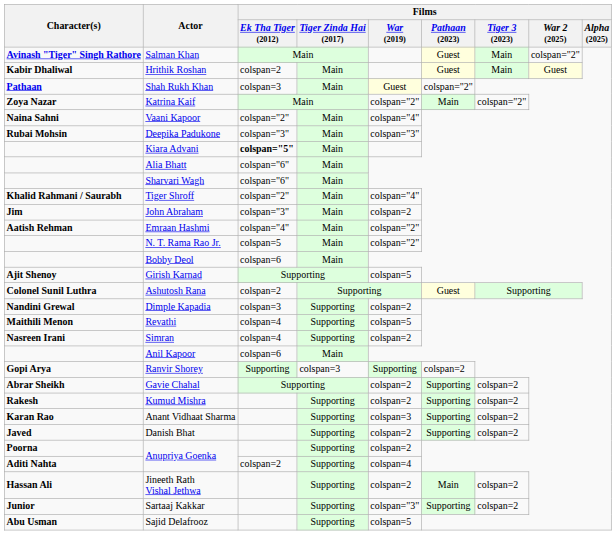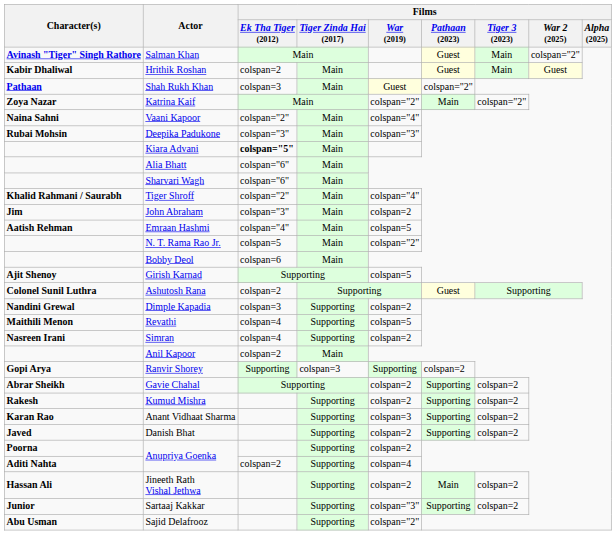 <table class="wikitable">
 <tr>
 <th rowspan="2">Character(s)</th>
 <th rowspan="2">Actor</th>
 <th colspan="7">Films</th>
 </tr>
 <tr>
 <th><em><a href='#'>Ek Tha Tiger</a></em><br><small>(2012)</small></th>
 <th><em><a href='#'>Tiger Zinda Hai</a></em><br><small>(2017)</small></th>
 <th><em><a href='#'>War</a></em><br><small>(2019)</small></th>
 <th><em><a href='#'>Pathaan</a></em><br><small>(2023)</small></th>
 <th><em><a href='#'>Tiger 3</a></em><br><small>(2023)</small></th>
 <th><em>War 2</em><br><small>(2025)</small></th>
 <th><em>Alpha</em><br><small>(2025)</small></th>
 </tr>
 <tr>
 <td><strong><a href='#'>Avinash "Tiger" Singh Rathore</a></strong></td>
 <td><a href='#'>Salman Khan</a></td>
 <td colspan=2 style="background: #DFD; color: black; vertical-align: middle; text-align: center;">Main</td>
 <td></td>
 <td style="background: #FFD; color: black; vertical-align:  middle; text-align: center;">Guest</td>
 <td style="background: #DFD; color: black; vertical-align: middle; text-align: center;">Main</td>
 <td>colspan="2" </td>
 </tr>
 <tr>
 <td><strong>Kabir Dhaliwal</strong></td>
 <td><a href='#'>Hrithik Roshan</a></td>
 <td>colspan=2 </td>
 <td style="background: #DFD; color: black; vertical-align: middle; text-align: center;">Main</td>
 <td></td>
 <td style="background: #FFD; color: black; vertical-align: middle; text-align: center;">Guest</td>
 <td style="background: #DFD; color: black; vertical-align; middle; text-align: center;">Main</td>
 <td style="background: #FFD; color: black; vertical-align: middle; text-align: center;">Guest</td>
 </tr>
 <tr>
 <td><strong><a href='#'>Pathaan</a></strong></td>
 <td><a href='#'>Shah Rukh Khan</a></td>
 <td>colspan=3 </td>
 <td style="background: #DFD; color: black; vertical-align: middle; text-align: center;">Main</td>
 <td style="background: #FFD; color: black; vertical-align: middle; text-align: center;">Guest</td>
 <td>colspan="2" </td>
 </tr>
 <tr>
 <td><strong>Zoya Nazar</strong></td>
 <td><a href='#'>Katrina Kaif</a></td>
 <td colspan="2" style="background: #DFD; color: black; vertical-align: middle; text-align: center;">Main</td>
 <td>colspan="2" </td>
 <td style="background: #DFD; color: black; vertical-align: middle; text-align: center;">Main</td>
 <td>colspan="2" </td>
 </tr>
 <tr>
 <td><strong>Naina Sahni</strong></td>
 <td><a href='#'>Vaani Kapoor</a></td>
 <td>colspan="2" </td>
 <td style="background: #DFD; color: black; vertical-align: middle; text-align: center;">Main</td>
 <td>colspan="4" </td>
 </tr>
 <tr>
 <td><strong>Rubai Mohsin</strong></td>
 <td><a href='#'>Deepika Padukone</a></td>
 <td>colspan="3" </td>
 <td style="background: #DFD; color: black; vertical-align: middle; text-align: center;">Main</td>
 <td>colspan="3" </td>
 </tr>
 <tr>
 <td></td>
 <td><a href='#'>Kiara Advani</a></td>
 <td><strong>colspan="5" </strong></td>
 <td style="background: #DFD; color: black; vertical-align: middle; text-align: center;">Main</td>
 <td></td>
 </tr>
 <tr>
 <td></td>
 <td><a href='#'>Alia Bhatt</a></td>
 <td>colspan="6" </td>
 <td style="background: #DFD; color: black; vertical-align: middle; text-align: center;">Main</td>
 </tr>
 <tr>
 <td></td>
 <td><a href='#'>Sharvari Wagh</a></td>
 <td>colspan="6" </td>
 <td style="background: #DFD; color: black; vertical-align: middle; text-align: center;">Main</td>
 </tr>
 <tr>
 <td><strong>Khalid Rahmani / Saurabh</strong></td>
 <td><a href='#'>Tiger Shroff</a></td>
 <td>colspan="2" </td>
 <td style="background: #DFD; color: black; vertical-align: middle; text-align: center;">Main</td>
 <td>colspan="4" </td>
 </tr>
 <tr>
 <td><strong>Jim</strong></td>
 <td><a href='#'>John Abraham</a></td>
 <td>colspan="3" </td>
 <td style="background: #DFD; color: black; vertical-align: middle; text-align: center;">Main</td>
 <td>colspan=2 </td>
 </tr>
 <tr>
 <td><strong>Aatish Rehman</strong></td>
 <td><a href='#'>Emraan Hashmi</a></td>
 <td>colspan="4" </td>
 <td style="background: #DFD; color: black; vertical-align: middle; text-align: center;">Main</td>
-<td>colspan="2" </td>
+<td>colspan=5 </td>
 </tr>
 <tr>
 <td></td>
 <td><a href='#'>N. T. Rama Rao Jr.</a></td>
 <td>colspan=5 </td>
 <td style="background: #DFD; color: black; vertical-align: middle; text-align: center;">Main</td>
 <td>colspan="2" </td>
 </tr>
 <tr>
 <td></td>
 <td><a href='#'>Bobby Deol</a></td>
 <td>colspan=6 </td>
 <td style="background: #DFD; color: black; vertical-align: middle; text-align: center;">Main</td>
 </tr>
 <tr>
 <td><strong>Ajit Shenoy</strong></td>
 <td><a href='#'>Girish Karnad</a></td>
 <td colspan=2 style="background: #DFD; color: black; vertical-align: middle; text-align: center;">Supporting</td>
 <td>colspan=5 </td>
 </tr>
 <tr>
 <td><strong>Colonel Sunil Luthra</strong></td>
 <td><a href='#'>Ashutosh Rana</a></td>
 <td>colspan=2 </td>
 <td colspan=2 style="background: #DFD; color: black; vertical-align: middle; text-align: center;">Supporting</td>
 <td style="background: #FFD; color: black; vertical-align: middle; text-align: center;">Guest</td>
 <td colspan="2" style="background: #DFD; color: black; vertical-align: middle; text-align: center;">Supporting</td>
 </tr>
 <tr>
 <td><strong>Nandini Grewal</strong></td>
 <td><a href='#'>Dimple Kapadia</a></td>
 <td>colspan=3 </td>
 <td style="background: #DFD; color: black; vertical-align: middle; text-align: center;">Supporting</td>
 <td>colspan=2 </td>
 </tr>
 <tr>
 <td><strong>Maithili Menon</strong></td>
 <td><a href='#'>Revathi</a></td>
 <td>colspan=4 </td>
 <td style="background: #DFD; color: black; vertical-align: middle; text-align: center;">Supporting</td>
 <td>colspan=5 </td>
 </tr>
 <tr>
 <td><strong>Nasreen Irani</strong></td>
 <td><a href='#'>Simran</a></td>
 <td>colspan=4 </td>
 <td style="background: #DFD; color: black; vertical-align: middle; text-align: center;">Supporting</td>
 <td>colspan=2 </td>
 </tr>
 <tr>
 <td></td>
 <td><a href='#'>Anil Kapoor</a></td>
-<td>colspan=6 </td>
+<td>colspan=2 </td>
 <td style="background: #DFD; color: black; vertical-align: middle; text-align: center;">Main</td>
 </tr>
 <tr>
 <td><strong>Gopi Arya</strong></td>
 <td><a href='#'>Ranvir Shorey</a></td>
 <td style="background: #DFD; color: black; vertical-align: middle; text-align: center;">Supporting</td>
 <td>colspan=3 </td>
 <td style="background: #DFD; color: black; vertical-align: middle; text-align: center;">Supporting</td>
 <td>colspan=2 </td>
 </tr>
 <tr>
 <td><strong>Abrar Sheikh</strong></td>
 <td><a href='#'>Gavie Chahal</a></td>
 <td colspan=2 style="background: #DFD; color: black; vertical-align: middle; text-align: center;">Supporting</td>
 <td>colspan=2 </td>
 <td style="background: #DFD; color: black; vertical-align: middle; text-align: center;">Supporting</td>
 <td>colspan=2 </td>
 </tr>
 <tr>
 <td><strong>Rakesh</strong></td>
 <td><a href='#'>Kumud Mishra</a></td>
 <td></td>
 <td style="background: #DFD; color: black; vertical-align: middle; text-align: center;">Supporting</td>
 <td>colspan=2 </td>
 <td style="background: #DFD; color: black; vertical-align: middle; text-align: center;">Supporting</td>
 <td>colspan=2 </td>
 </tr>
 <tr>
 <td><strong>Karan Rao</strong></td>
 <td>Anant Vidhaat Sharma</td>
 <td></td>
 <td style="background: #DFD; color: black; vertical-align: middle; text-align: center;">Supporting</td>
 <td>colspan=3 </td>
 <td style="background: #DFD; color: black; vertical-align: middle; text-align: center;">Supporting</td>
 <td>colspan=2 </td>
 </tr>
 <tr>
 <td><strong>Javed</strong></td>
 <td>Danish Bhat</td>
 <td></td>
 <td style="background: #DFD; color: black; vertical-align: middle; text-align: center;">Supporting</td>
 <td>colspan=2 </td>
 <td style="background: #DFD; color: black; vertical-align: middle; text-align: center;">Supporting</td>
 <td>colspan=2 </td>
 </tr>
 <tr>
 <td><strong>Poorna</strong></td>
 <td rowspan=2><a href='#'>Anupriya Goenka</a></td>
 <td></td>
 <td style="background: #DFD; color: black; vertical-align: middle; text-align: center;">Supporting</td>
 <td>colspan=2 </td>
 </tr>
 <tr>
 <td><strong>Aditi Nahta</strong></td>
 <td>colspan=2 </td>
 <td style="background: #DFD; color: black; vertical-align: middle; text-align: center;">Supporting</td>
 <td>colspan=4 </td>
 </tr>
 <tr>
 <td><strong>Hassan Ali</strong></td>
 <td>Jineeth Rath<br><a href='#'>Vishal Jethwa</a></td>
 <td></td>
 <td style="background: #DFD; color: black; vertical-align: middle; text-align: center;">Supporting</td>
 <td>colspan=2 </td>
 <td style="background: #DFD; color: black; vertical-align: middle; text-align: center;">Main</td>
 <td>colspan=2 </td>
 </tr>
 <tr>
 <td><strong>Junior</strong></td>
 <td>Sartaaj Kakkar</td>
 <td></td>
 <td style="background: #DFD; color: black; vertical-align: middle; text-align: center;">Supporting</td>
 <td>colspan="3" </td>
 <td style="background: #DFD; color: black; vertical-align: middle; text-align: center;">Supporting</td>
 <td>colspan=2 </td>
 </tr>
 <tr>
 <td><strong>Abu Usman</strong></td>
 <td>Sajid Delafrooz</td>
 <td></td>
 <td style="background: #DFD; color: black; vertical-align: middle; text-align: center;">Supporting</td>
-<td>colspan=5 </td>
+<td>colspan="2" </td>
 </tr>
 </table>
